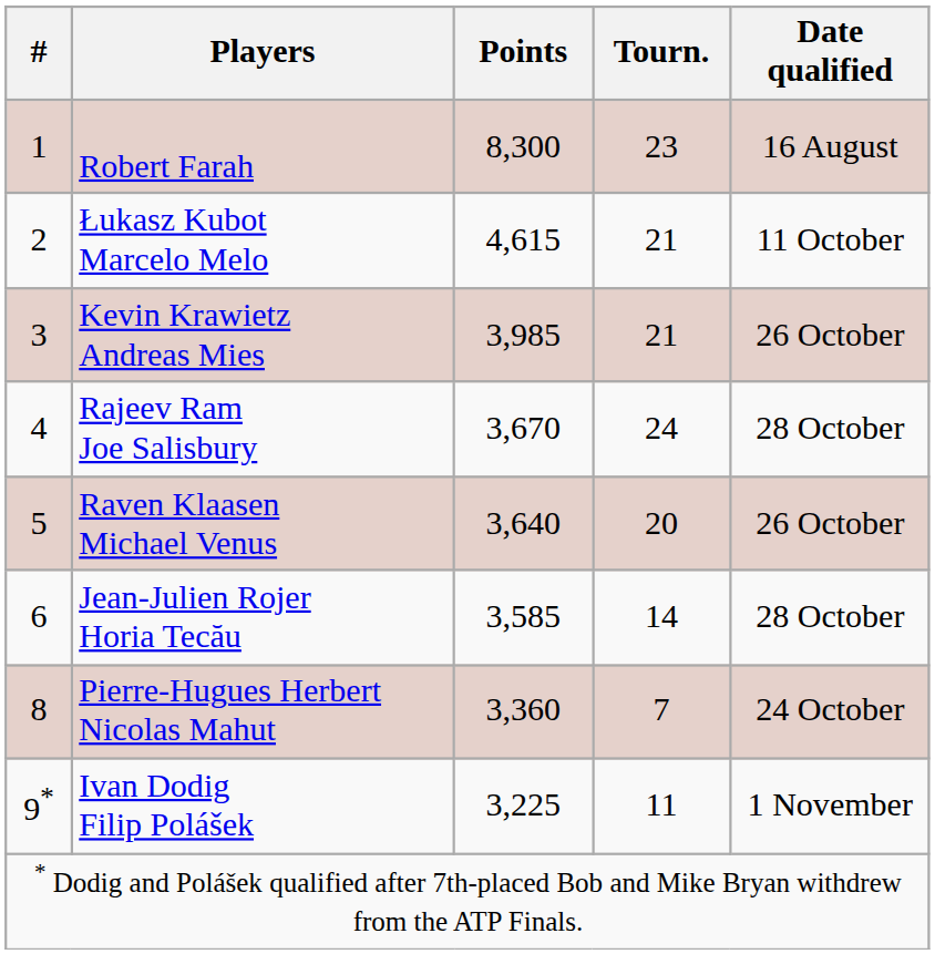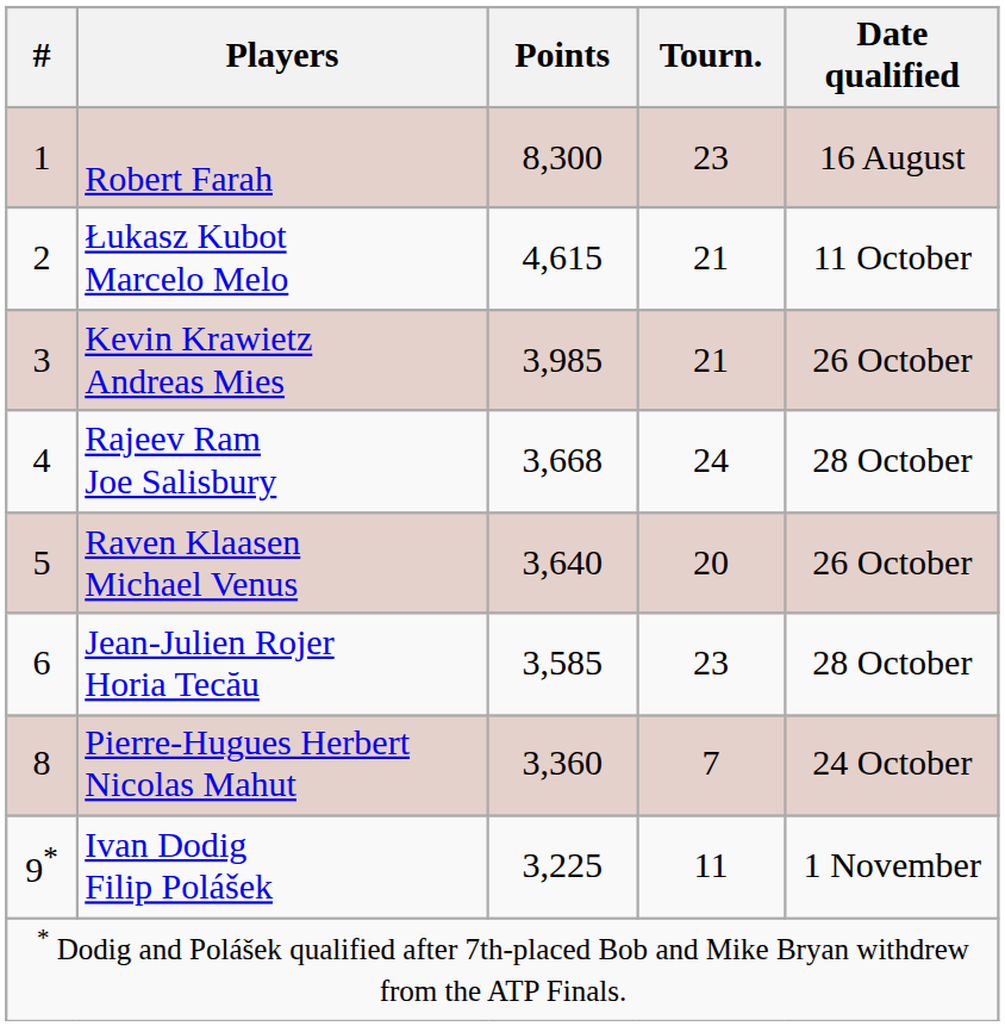 <table class="sortable wikitable nowrap" style="float:right;margin-left:1em;text-align:center;font-size:85%;text:justify;">
 <tr>
 <th width=20>#</th>
 <th width=150>Players</th>
 <th width=50>Points</th>
 <th width=50>Tourn.</th>
 <th width=75>Date qualified</th>
 </tr>
 <tr align=center bgcolor=e5d1cb>
 <td>1</td>
 <td align=left><br> <a href='#'>Robert Farah</a></td>
 <td>8,300</td>
 <td>23</td>
 <td>16 August</td>
 </tr>
 <tr align=center>
 <td>2</td>
 <td align=left> <a href='#'>Łukasz Kubot</a><br> <a href='#'>Marcelo Melo</a></td>
 <td>4,615</td>
 <td>21</td>
 <td>11 October</td>
 </tr>
 <tr align=center bgcolor=e5d1cb>
 <td>3</td>
 <td align=left> <a href='#'>Kevin Krawietz</a><br> <a href='#'>Andreas Mies</a></td>
 <td>3,985</td>
 <td>21</td>
 <td>26 October</td>
 </tr>
 <tr align=center>
 <td>4</td>
 <td align=left> <a href='#'>Rajeev Ram</a><br> <a href='#'>Joe Salisbury</a></td>
-<td>3,670</td>
+<td>3,668</td>
 <td>24</td>
 <td>28 October</td>
 </tr>
 <tr align=center bgcolor=e5d1cb>
 <td>5</td>
 <td align=left> <a href='#'>Raven Klaasen</a><br> <a href='#'>Michael Venus</a></td>
 <td>3,640</td>
 <td>20</td>
 <td>26 October</td>
 </tr>
 <tr align=center>
 <td>6</td>
 <td align=left> <a href='#'>Jean-Julien Rojer</a><br> <a href='#'>Horia Tecău</a></td>
 <td>3,585</td>
-<td>14</td>
+<td>23</td>
 <td>28 October</td>
 </tr>
 <tr align=center bgcolor=e5d1cb>
 <td>8</td>
 <td align=left> <a href='#'>Pierre-Hugues Herbert</a><br> <a href='#'>Nicolas Mahut</a></td>
 <td>3,360</td>
 <td>7</td>
 <td>24 October</td>
 </tr>
 <tr align=center>
 <td>9<sup>*</sup></td>
 <td align=left> <a href='#'>Ivan Dodig</a><br> <a href='#'>Filip Polášek</a></td>
 <td>3,225</td>
 <td>11</td>
 <td>1 November</td>
 </tr>
 <tr align=center class="sortbottom">
 <td colspan=5 style="text-align:center;"><small><sup>*</sup> Dodig and Polášek qualified after 7th-placed Bob and Mike Bryan withdrew from the ATP Finals.</small></td>
 </tr>
 </table>
